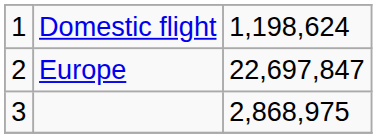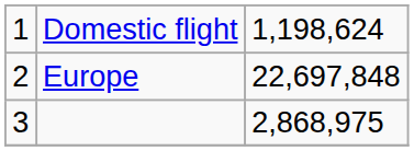 <table class="wikitable sortable" style="font-size: 90%;">
 <tr>
 <td>1</td>
 <td><a href='#'>Domestic flight</a></td>
 <td>1,198,624</td>
 </tr>
 <tr>
 <td>2</td>
 <td><a href='#'>Europe</a></td>
-<td>22,697,847</td>
+<td>22,697,848</td>
 </tr>
 <tr>
 <td>3</td>
 <td></td>
 <td>2,868,975</td>
 </tr>
 <tr>
 </tr>
 </table>
